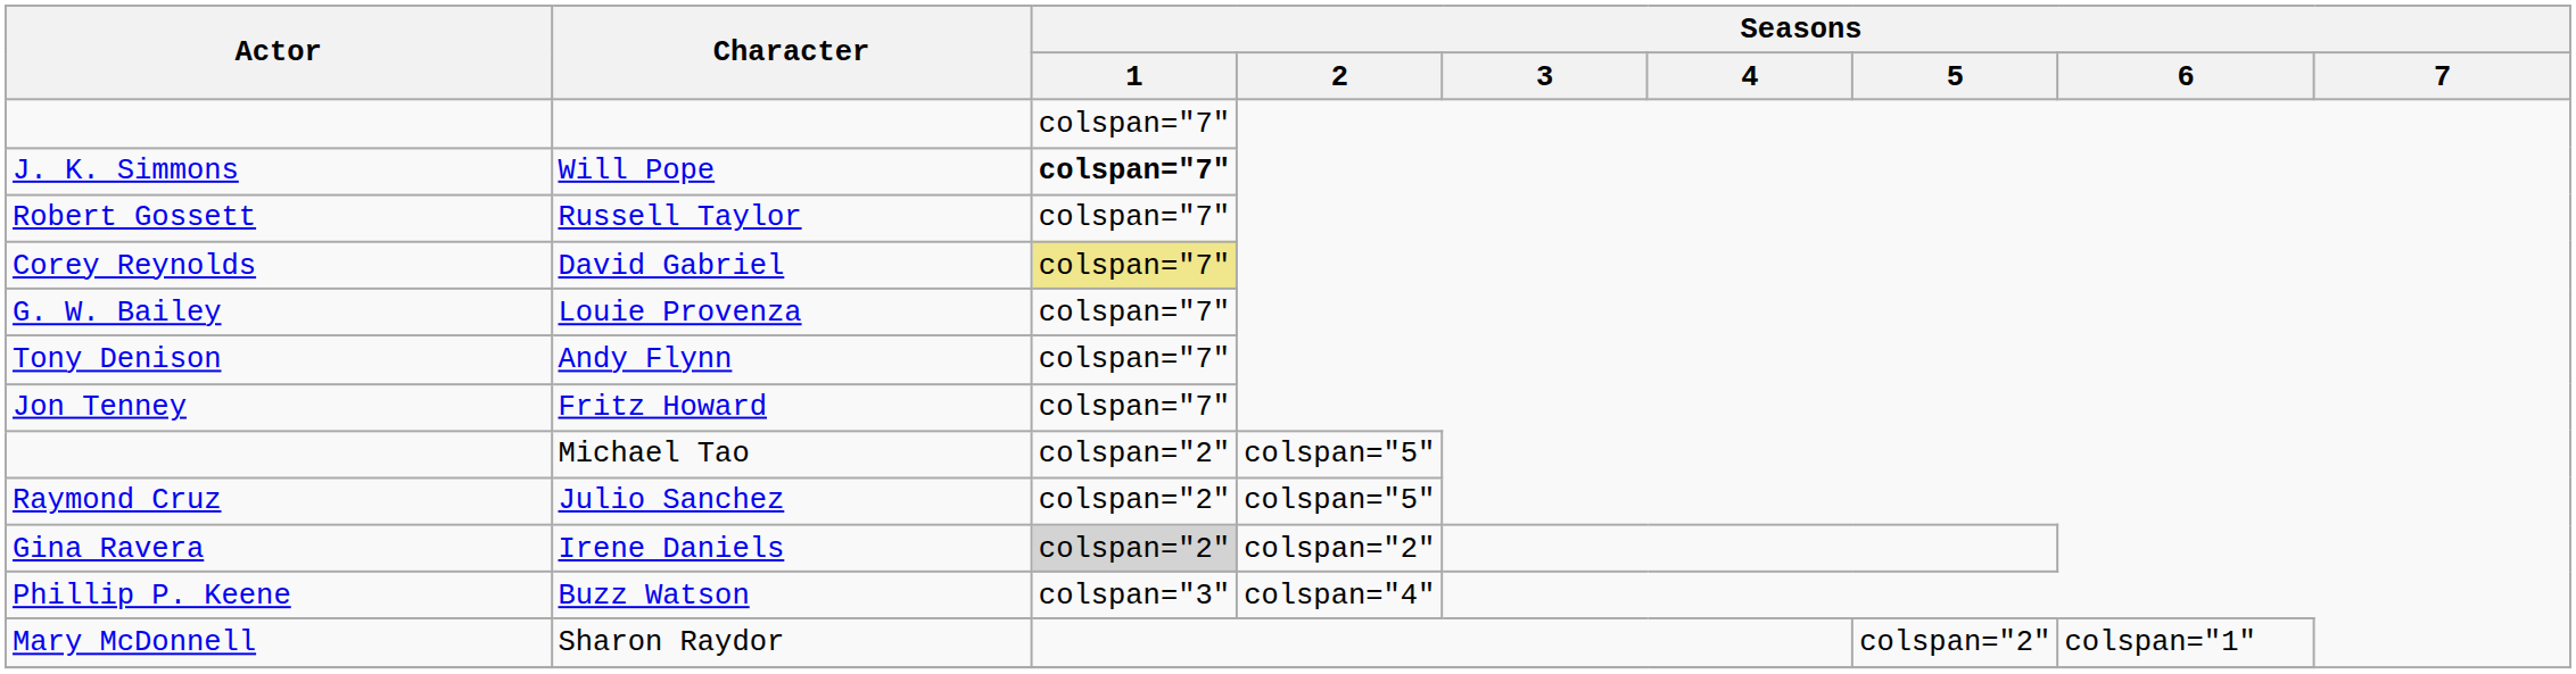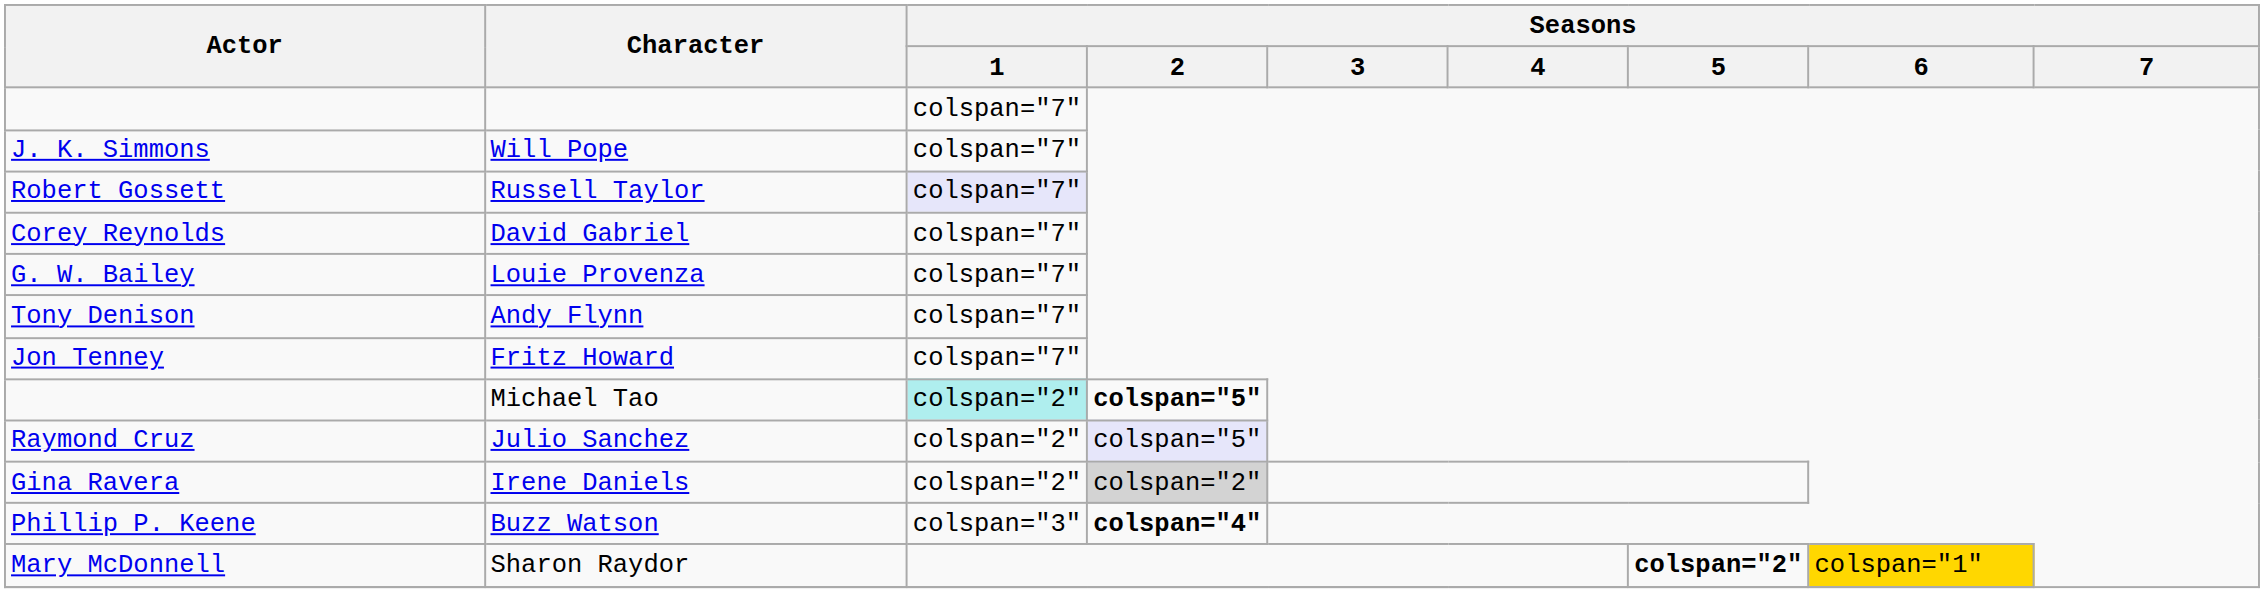 <table class="wikitable plainrowheaders sortable">
 <tr>
 <th scope="col" rowspan="2">Actor</th>
 <th scope="col" rowspan="2">Character</th>
 <th scope="col" colspan="7" class="unsortable">Seasons</th>
 </tr>
 <tr>
 <th style="width:8%;">1</th>
 <th style="width:8%;">2</th>
 <th style="width:8%;">3</th>
 <th style="width:8%;">4</th>
 <th style="width:8%;">5</th>
 <th style="width:10%;">6</th>
 <th style="width:10%;">7</th>
 </tr>
 <tr>
 <td></td>
 <td></td>
 <td>colspan="7" </td>
 </tr>
 <tr>
 <td><a href='#'>J. K. Simmons</a></td>
 <td><a href='#'>Will Pope</a></td>
-<td><strong>colspan="7" </strong></td>
+<td>colspan="7" </td>
 </tr>
 <tr>
 <td><a href='#'>Robert Gossett</a></td>
 <td><a href='#'>Russell Taylor</a></td>
-<td>colspan="7" </td>
+<td style="background: lavender;">colspan="7" </td>
 </tr>
 <tr>
 <td><a href='#'>Corey Reynolds</a></td>
 <td><a href='#'>David Gabriel</a></td>
-<td style="background: khaki;">colspan="7" </td>
+<td>colspan="7" </td>
 </tr>
 <tr>
 <td><a href='#'>G. W. Bailey</a></td>
 <td><a href='#'>Louie Provenza</a></td>
 <td>colspan="7" </td>
 </tr>
 <tr>
 <td><a href='#'>Tony Denison</a></td>
 <td><a href='#'>Andy Flynn</a></td>
 <td>colspan="7" </td>
 </tr>
 <tr>
 <td><a href='#'>Jon Tenney</a></td>
 <td><a href='#'>Fritz Howard</a></td>
 <td>colspan="7" </td>
 </tr>
 <tr>
 <td></td>
 <td>Michael Tao</td>
-<td>colspan="2" </td>
-<td>colspan="5" </td>
+<td style="background: paleturquoise;">colspan="2" </td>
+<td><strong>colspan="5" </strong></td>
 </tr>
 <tr>
 <td><a href='#'>Raymond Cruz</a></td>
 <td><a href='#'>Julio Sanchez</a></td>
 <td>colspan="2" </td>
-<td>colspan="5" </td>
+<td style="background: lavender;">colspan="5" </td>
 </tr>
 <tr>
 <td><a href='#'>Gina Ravera</a></td>
 <td><a href='#'>Irene Daniels</a></td>
+<td>colspan="2" </td>
 <td style="background: lightgrey;">colspan="2" </td>
-<td>colspan="2" </td>
 <td colspan="3"></td>
 </tr>
 <tr>
 <td><a href='#'>Phillip P. Keene</a></td>
 <td><a href='#'>Buzz Watson</a></td>
 <td>colspan="3" </td>
-<td>colspan="4" </td>
+<td><strong>colspan="4" </strong></td>
 </tr>
 <tr>
 <td><a href='#'>Mary McDonnell</a></td>
 <td>Sharon Raydor</td>
 <td colspan="4"></td>
-<td>colspan="2" </td>
-<td>colspan="1" </td>
+<td><strong>colspan="2" </strong></td>
+<td style="background: gold;">colspan="1" </td>
 </tr>
 <tr>
 </tr>
 </table>
